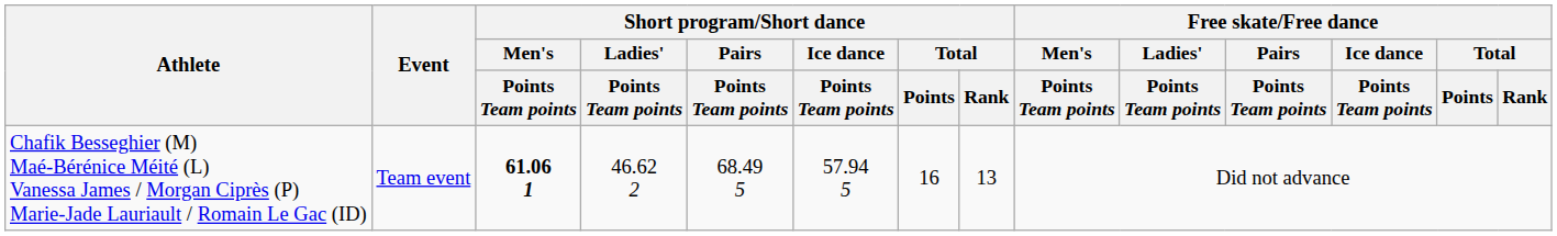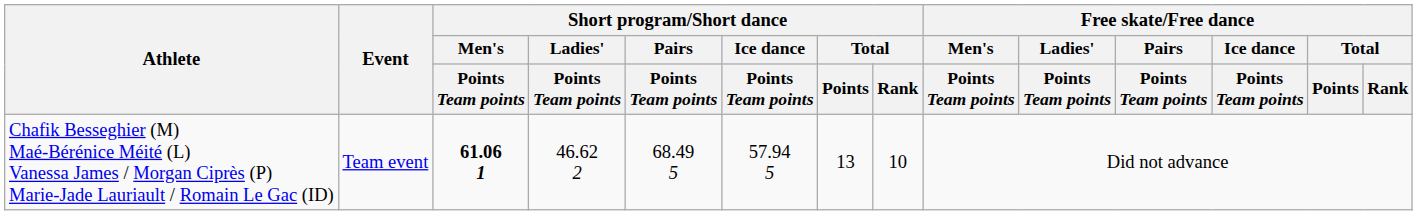 <table class="wikitable" style="font-size:90%">
 <tr>
 <th rowspan="3">Athlete</th>
 <th rowspan="3">Event</th>
 <th colspan="6">Short program/Short dance</th>
 <th colspan="6">Free skate/Free dance</th>
 </tr>
 <tr style="font-size:95%">
 <th>Men's</th>
 <th>Ladies'</th>
 <th>Pairs</th>
 <th>Ice dance</th>
 <th colspan="2">Total</th>
 <th>Men's</th>
 <th>Ladies'</th>
 <th>Pairs</th>
 <th>Ice dance</th>
 <th colspan="2">Total</th>
 </tr>
 <tr style="font-size:95%">
 <th>Points<br><em>Team points</em></th>
 <th>Points<br><em>Team points</em></th>
 <th>Points<br><em>Team points</em></th>
 <th>Points<br><em>Team points</em></th>
 <th>Points</th>
 <th>Rank</th>
 <th>Points<br><em>Team points</em></th>
 <th>Points<br><em>Team points</em></th>
 <th>Points<br><em>Team points</em></th>
 <th>Points<br><em>Team points</em></th>
 <th>Points</th>
 <th>Rank</th>
 </tr>
 <tr align="center">
 <td align="left"><a href='#'>Chafik Besseghier</a> (M) <br> <a href='#'>Maé-Bérénice Méité</a> (L)<br><a href='#'>Vanessa James</a> / <a href='#'>Morgan Ciprès</a> (P) <br> <a href='#'>Marie-Jade Lauriault</a> / <a href='#'>Romain Le Gac</a> (ID)</td>
 <td align="left"><a href='#'>Team event</a></td>
 <td><strong>61.06<br><em>1</em></strong></td>
 <td>46.62<br><em>2</em></td>
 <td>68.49<br><em>5</em></td>
 <td>57.94<br><em>5</em></td>
-<td>16</td>
 <td>13</td>
+<td>10</td>
 <td colspan=6>Did not advance</td>
 </tr>
 </table>
